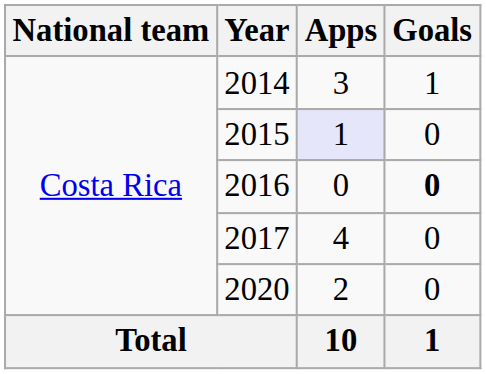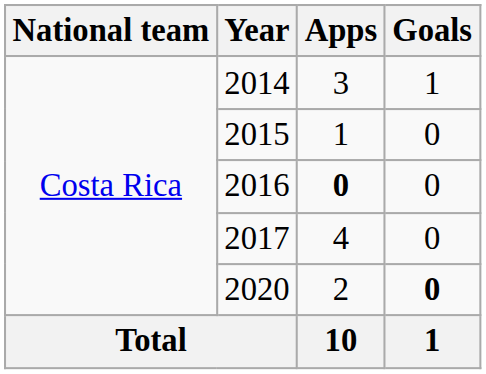 <table class="wikitable" style="text-align:center">
 <tr>
 <th>National team</th>
 <th>Year</th>
 <th>Apps</th>
 <th>Goals</th>
 </tr>
 <tr>
 <td rowspan="5"><a href='#'>Costa Rica</a></td>
 <td>2014</td>
 <td>3</td>
 <td>1</td>
 </tr>
 <tr>
 <td>2015</td>
-<td style="background: lavender;">1</td>
+<td>1</td>
 <td>0</td>
 </tr>
 <tr>
 <td>2016</td>
+<td><strong>0</strong></td>
 <td>0</td>
-<td><strong>0</strong></td>
 </tr>
 <tr>
 <td>2017</td>
 <td>4</td>
 <td>0</td>
 </tr>
 <tr>
 <td>2020</td>
 <td>2</td>
-<td>0</td>
+<td><strong>0</strong></td>
 </tr>
 <tr>
 <th colspan="2">Total</th>
 <th>10</th>
 <th>1</th>
 </tr>
 </table>
